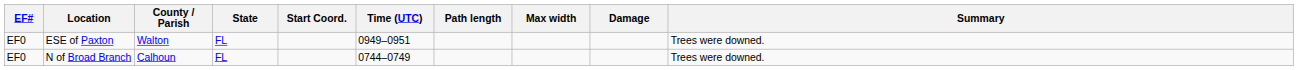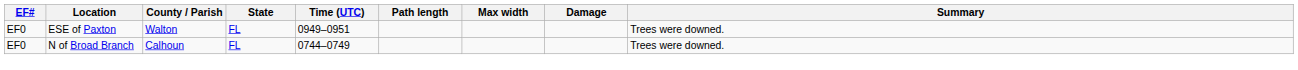 <table class="wikitable sortable" style="width:100%;">
 <tr>
 <th scope="col"  style="width:3%; text-align:center;"><a href='#'>EF#</a></th>
 <th scope="col"  style="width:7%; text-align:center;" class="unsortable">Location</th>
 <th scope="col"  style="width:6%; text-align:center;" class="unsortable">County / Parish</th>
 <th scope="col"  style="width:5%; text-align:center;">State</th>
-<th scope="col"  style="width:6%; text-align:center;">Start Coord.</th>
 <th scope="col"  style="width:6%; text-align:center;">Time (<a href='#'>UTC</a>)</th>
 <th scope="col"  style="width:6%; text-align:center;">Path length</th>
 <th scope="col"  style="width:6%; text-align:center;">Max width</th>
 <th scope="col"  style="width:6%; text-align:center;">Damage</th>
 <th scope="col" class="unsortable" style="width:48%; text-align:center;">Summary</th>
 </tr>
 <tr>
 <td>EF0</td>
 <td>ESE of <a href='#'>Paxton</a></td>
 <td><a href='#'>Walton</a></td>
 <td><a href='#'>FL</a></td>
-<td></td>
 <td>0949–0951</td>
 <td></td>
 <td></td>
 <td></td>
 <td>Trees were downed.</td>
 </tr>
 <tr>
 <td>EF0</td>
 <td>N of <a href='#'>Broad Branch</a></td>
 <td><a href='#'>Calhoun</a></td>
 <td><a href='#'>FL</a></td>
-<td></td>
 <td>0744–0749</td>
 <td></td>
 <td></td>
 <td></td>
 <td>Trees were downed.</td>
 </tr>
 </table>
